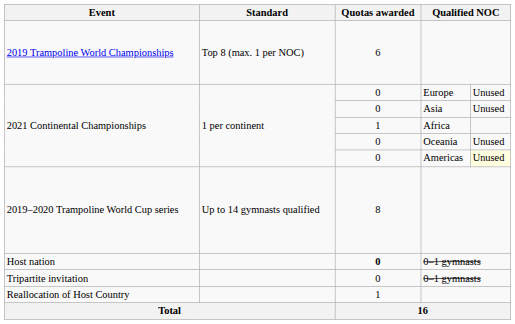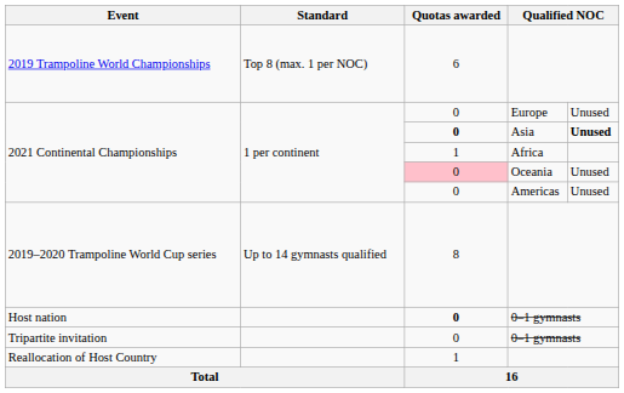 <table class="wikitable" style="width:780px;">
 <tr>
 <th>Event</th>
 <th>Standard</th>
 <th>Quotas awarded</th>
 <th colspan=2>Qualified NOC</th>
 </tr>
 <tr>
 <td><a href='#'>2019 Trampoline World Championships</a></td>
 <td>Top 8 (max. 1 per NOC)</td>
 <td align=center>6</td>
 <td colspan=2><br><br><br><br><br></td>
 </tr>
 <tr>
 <td rowspan=5>2021 Continental Championships</td>
 <td rowspan=5>1 per continent</td>
 <td align=center>0</td>
 <td>Europe</td>
 <td>Unused</td>
 </tr>
 <tr>
-<td align=center>0</td>
+<td align=center><strong>0</strong></td>
 <td>Asia</td>
-<td>Unused</td>
+<td><strong>Unused</strong></td>
 </tr>
 <tr>
 <td align=center>1</td>
 <td>Africa</td>
 <td></td>
 </tr>
 <tr>
-<td align=center>0</td>
+<td align=center style="background: pink;">0</td>
 <td>Oceania</td>
 <td>Unused</td>
 </tr>
 <tr>
 <td align=center>0</td>
 <td>Americas</td>
-<td style="background: lightyellow;">Unused</td>
+<td>Unused</td>
 </tr>
 <tr>
 <td>2019–2020 Trampoline World Cup series</td>
 <td>Up to 14 gymnasts qualified</td>
 <td align=center>8</td>
 <td colspan=2><br><br><br><br><br><br><br></td>
 </tr>
 <tr>
 <td>Host nation</td>
 <td></td>
 <td align=center><strong>0</strong></td>
 <td colspan=2><s>0–1 gymnasts</s></td>
 </tr>
 <tr>
 <td>Tripartite invitation</td>
 <td></td>
 <td align=center>0</td>
 <td colspan=2><s>0–1 gymnasts</s></td>
 </tr>
 <tr>
 <td>Reallocation of Host Country</td>
 <td></td>
 <td align=center>1</td>
 <td colspan=2></td>
 </tr>
 <tr>
 <th colspan="2">Total</th>
 <th colspan=3>16</th>
 </tr>
 </table>
